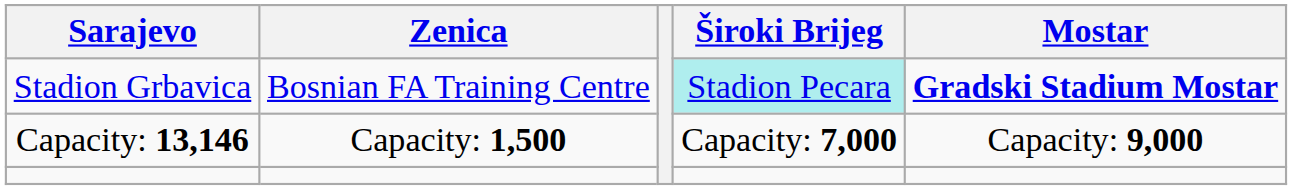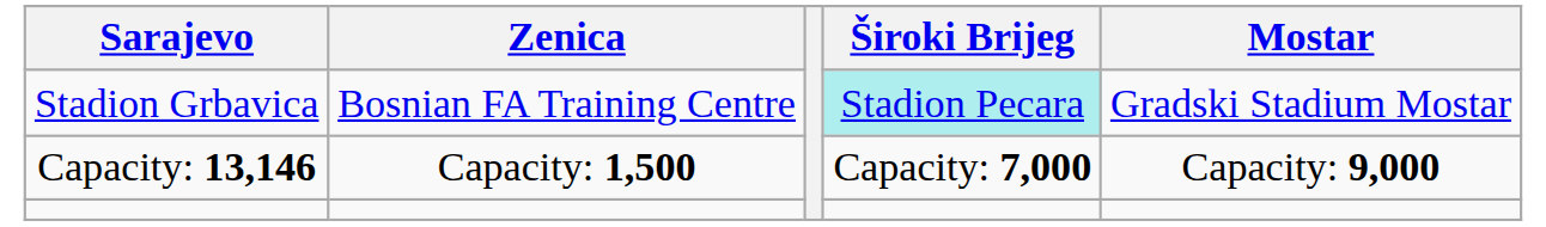 <table class="wikitable" style="text-align:center;margin:1em auto;">
 <tr>
 <th><a href='#'>Sarajevo</a></th>
 <th><a href='#'>Zenica</a></th>
 <th rowspan=6 text-align="center"></th>
 <th><a href='#'>Široki Brijeg</a></th>
 <th><a href='#'>Mostar</a></th>
 </tr>
 <tr>
 <td><a href='#'>Stadion Grbavica</a></td>
 <td><a href='#'>Bosnian FA Training Centre</a></td>
 <td style="background: paleturquoise;"><a href='#'>Stadion Pecara</a></td>
-<td><strong><a href='#'>Gradski Stadium Mostar</a></strong></td>
+<td><a href='#'>Gradski Stadium Mostar</a></td>
 </tr>
 <tr>
 <td>Capacity: <strong>13,146</strong></td>
 <td>Capacity: <strong>1,500</strong></td>
 <td>Capacity: <strong>7,000</strong></td>
 <td>Capacity: <strong>9,000</strong></td>
 </tr>
 <tr>
 <td></td>
 <td></td>
 <td></td>
 <td></td>
 </tr>
 </table>
